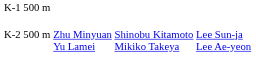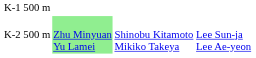 <table>
 <tr>
 <td>K-1 500 m<br></td>
 <td></td>
 <td></td>
 <td></td>
 </tr>
 <tr>
 <td>K-2 500 m<br></td>
-<td><br><a href='#'>Zhu Minyuan</a><br><a href='#'>Yu Lamei</a></td>
+<td style="background: lightgreen;"><br><a href='#'>Zhu Minyuan</a><br><a href='#'>Yu Lamei</a></td>
 <td><br><a href='#'>Shinobu Kitamoto</a><br><a href='#'>Mikiko Takeya</a></td>
 <td><br><a href='#'>Lee Sun-ja</a><br><a href='#'>Lee Ae-yeon</a></td>
 </tr>
 </table>
